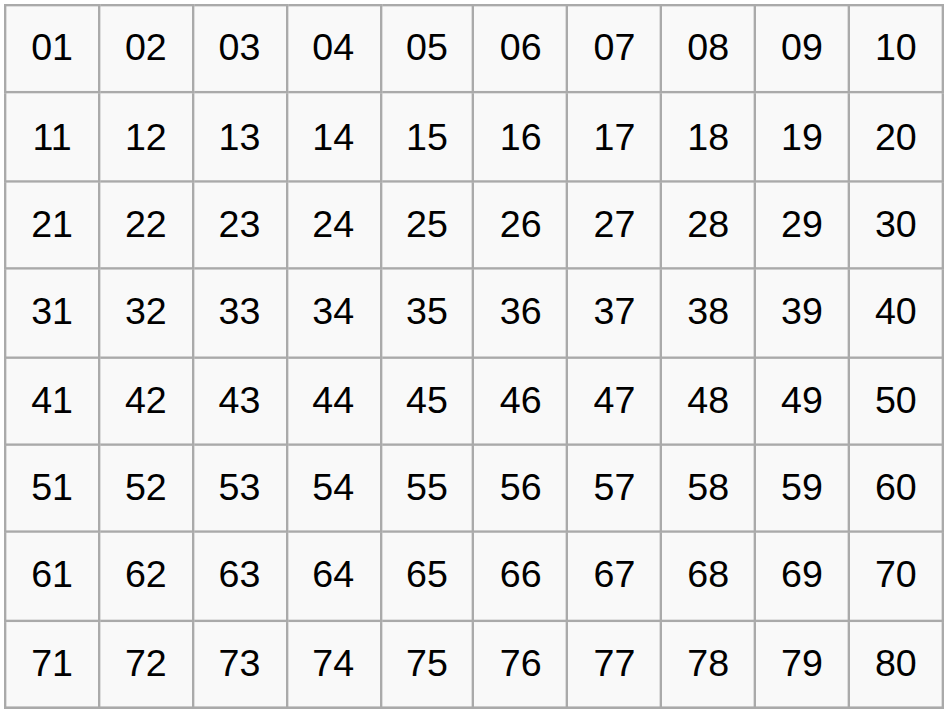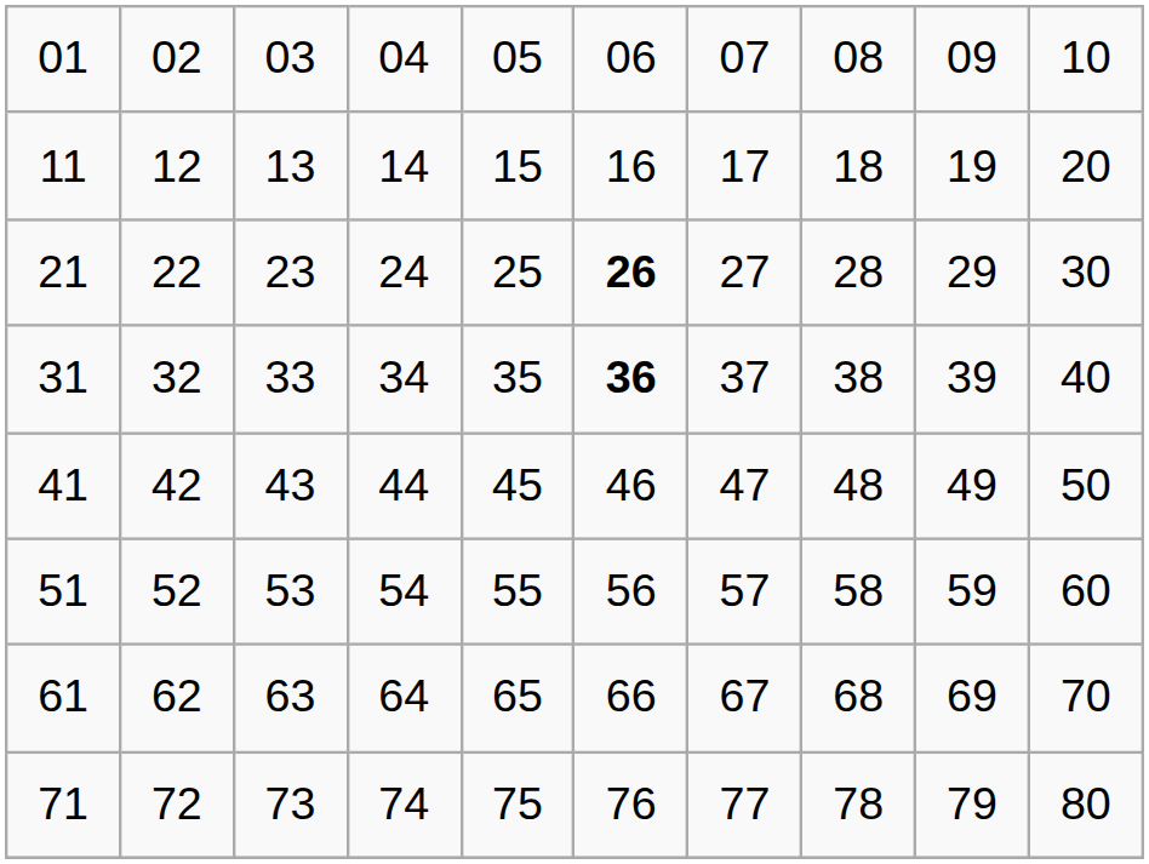 <table class="wikitable" style="text-align: center; width: 400px; height: 300px;">
 <tr>
 <td>01</td>
 <td>02</td>
 <td>03</td>
 <td>04</td>
 <td>05</td>
 <td>06</td>
 <td>07</td>
 <td>08</td>
 <td>09</td>
 <td>10</td>
 </tr>
 <tr>
 <td>11</td>
 <td>12</td>
 <td>13</td>
 <td>14</td>
 <td>15</td>
 <td>16</td>
 <td>17</td>
 <td>18</td>
 <td>19</td>
 <td>20</td>
 </tr>
 <tr>
 <td>21</td>
 <td>22</td>
 <td>23</td>
 <td>24</td>
 <td>25</td>
-<td>26</td>
+<td><strong>26</strong></td>
 <td>27</td>
 <td>28</td>
 <td>29</td>
 <td>30</td>
 </tr>
 <tr>
 <td>31</td>
 <td>32</td>
 <td>33</td>
 <td>34</td>
 <td>35</td>
-<td>36</td>
+<td><strong>36</strong></td>
 <td>37</td>
 <td>38</td>
 <td>39</td>
 <td>40</td>
 </tr>
 <tr>
 <td>41</td>
 <td>42</td>
 <td>43</td>
 <td>44</td>
 <td>45</td>
 <td>46</td>
 <td>47</td>
 <td>48</td>
 <td>49</td>
 <td>50</td>
 </tr>
 <tr>
 <td>51</td>
 <td>52</td>
 <td>53</td>
 <td>54</td>
 <td>55</td>
 <td>56</td>
 <td>57</td>
 <td>58</td>
 <td>59</td>
 <td>60</td>
 </tr>
 <tr>
 <td>61</td>
 <td>62</td>
 <td>63</td>
 <td>64</td>
 <td>65</td>
 <td>66</td>
 <td>67</td>
 <td>68</td>
 <td>69</td>
 <td>70</td>
 </tr>
 <tr>
 <td>71</td>
 <td>72</td>
 <td>73</td>
 <td>74</td>
 <td>75</td>
 <td>76</td>
 <td>77</td>
 <td>78</td>
 <td>79</td>
 <td>80</td>
 </tr>
 <tr>
 </tr>
 </table>
